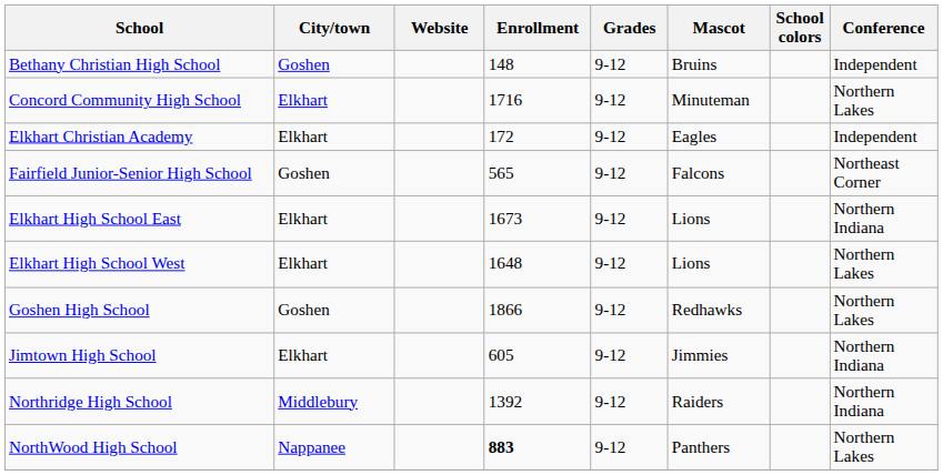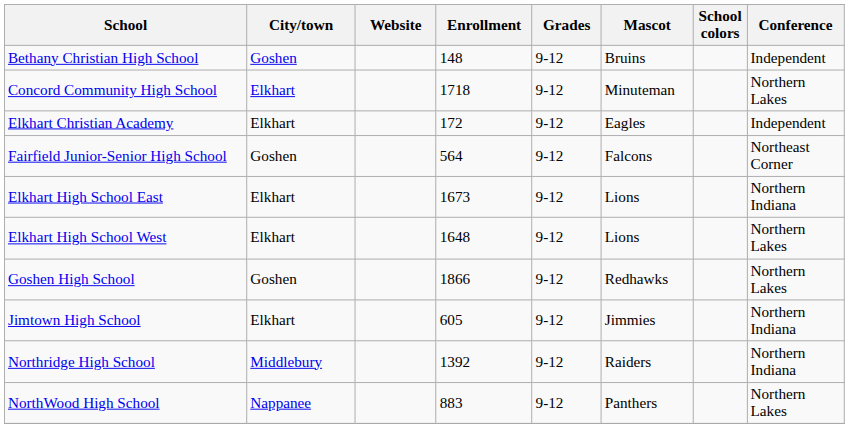 <table class="wikitable sortable" width="70%">
 <tr>
 <th width="20%">School</th>
 <th width="08%">City/town</th>
 <th width="06%">Website</th>
 <th width="04%">Enrollment</th>
 <th width="04%">Grades</th>
 <th width="04%">Mascot</th>
 <th width=01%>School colors</th>
 <th width="04%">Conference</th>
 </tr>
 <tr>
 <td><a href='#'>Bethany Christian High School</a></td>
 <td><a href='#'>Goshen</a></td>
 <td></td>
 <td>148</td>
 <td>9-12</td>
 <td>Bruins</td>
 <td> </td>
 <td>Independent</td>
 </tr>
 <tr>
 <td><a href='#'>Concord Community High School</a></td>
 <td><a href='#'>Elkhart</a></td>
 <td></td>
-<td>1716</td>
+<td>1718</td>
 <td>9-12</td>
 <td>Minuteman</td>
 <td> </td>
 <td>Northern Lakes</td>
 </tr>
 <tr>
 <td><a href='#'>Elkhart Christian Academy</a></td>
 <td>Elkhart</td>
 <td></td>
 <td>172</td>
 <td>9-12</td>
 <td>Eagles</td>
 <td> </td>
 <td>Independent</td>
 </tr>
 <tr>
 <td><a href='#'>Fairfield Junior-Senior High School</a></td>
 <td>Goshen</td>
 <td></td>
-<td>565</td>
+<td>564</td>
 <td>9-12</td>
 <td>Falcons</td>
 <td>  </td>
 <td>Northeast Corner</td>
 </tr>
 <tr>
 <td><a href='#'>Elkhart High School East</a></td>
 <td>Elkhart</td>
 <td></td>
 <td>1673</td>
 <td>9-12</td>
 <td>Lions</td>
 <td> </td>
 <td>Northern Indiana</td>
 </tr>
 <tr>
 <td><a href='#'>Elkhart High School West</a></td>
 <td>Elkhart</td>
 <td></td>
 <td>1648</td>
 <td>9-12</td>
 <td>Lions</td>
 <td> </td>
 <td>Northern Lakes</td>
 </tr>
 <tr>
 <td><a href='#'>Goshen High School</a></td>
 <td>Goshen</td>
 <td></td>
 <td>1866</td>
 <td>9-12</td>
 <td>Redhawks</td>
 <td>  </td>
 <td>Northern Lakes</td>
 </tr>
 <tr>
 <td><a href='#'>Jimtown High School</a></td>
 <td>Elkhart</td>
 <td></td>
 <td>605</td>
 <td>9-12</td>
 <td>Jimmies</td>
 <td> </td>
 <td>Northern Indiana</td>
 </tr>
 <tr>
 <td><a href='#'>Northridge High School</a></td>
 <td><a href='#'>Middlebury</a></td>
 <td></td>
 <td>1392</td>
 <td>9-12</td>
 <td>Raiders</td>
 <td> </td>
 <td>Northern Indiana</td>
 </tr>
 <tr>
 <td><a href='#'>NorthWood High School</a></td>
 <td><a href='#'>Nappanee</a></td>
 <td></td>
-<td><strong>883</strong></td>
+<td>883</td>
 <td>9-12</td>
 <td>Panthers</td>
 <td> </td>
 <td>Northern Lakes</td>
 </tr>
 <tr>
 </tr>
 </table>
